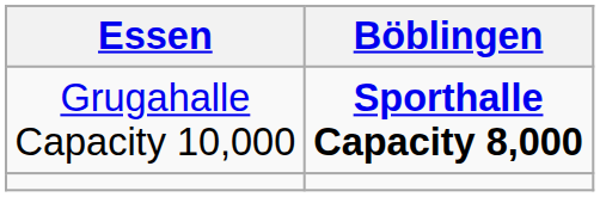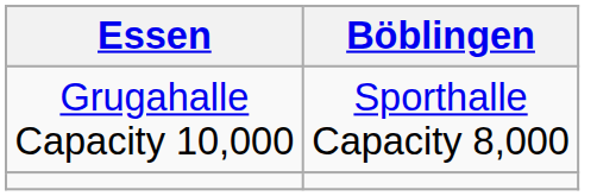 <table class="wikitable" style="text-align:center">
 <tr>
 <th><a href='#'>Essen</a></th>
 <th><a href='#'>Böblingen</a></th>
 </tr>
 <tr>
 <td><a href='#'>Grugahalle</a><br>Capacity 10,000</td>
-<td><strong><a href='#'>Sporthalle</a><br>Capacity 8,000</strong></td>
+<td><a href='#'>Sporthalle</a><br>Capacity 8,000</td>
 </tr>
 <tr>
 <td></td>
 <td></td>
 </tr>
 </table>
